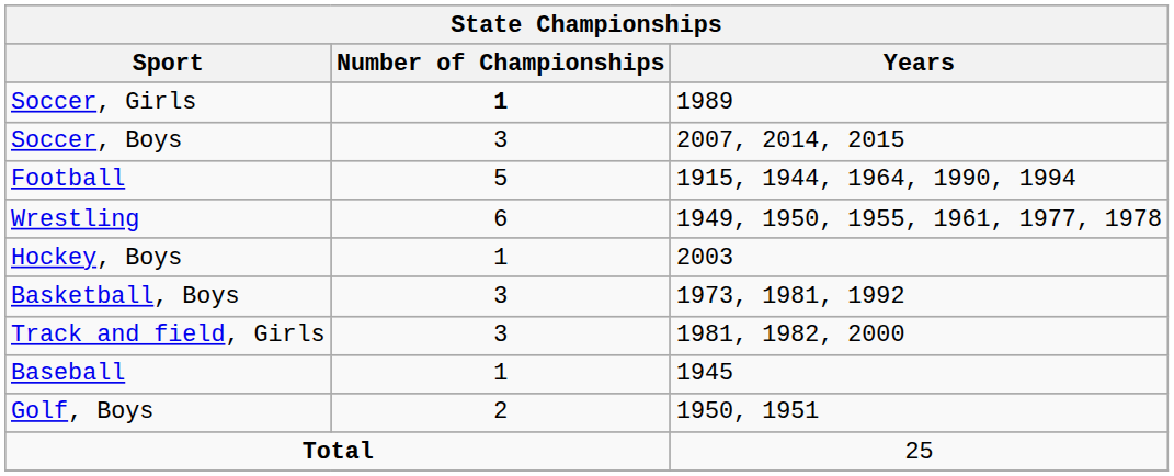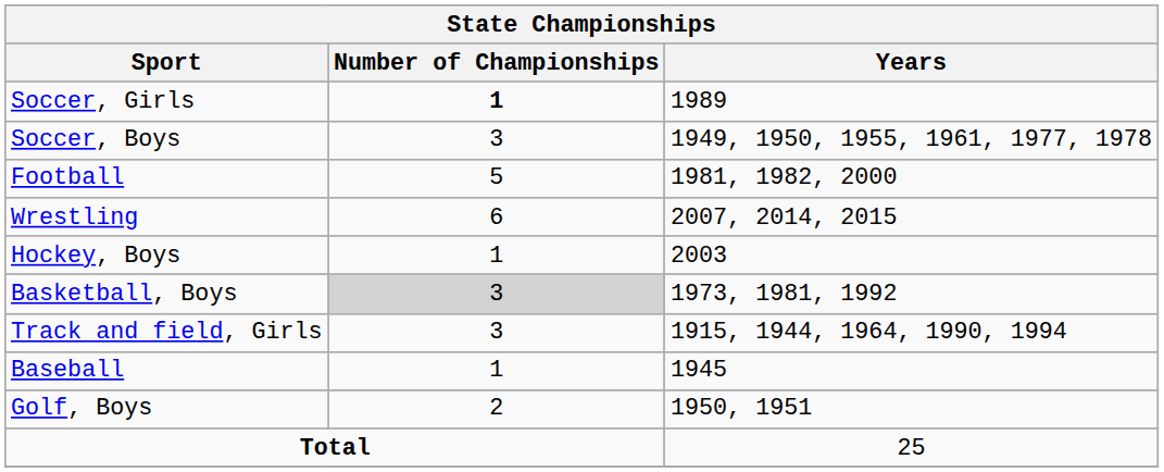 <table class="wikitable">
 <tr>
 <th colspan="4">State Championships</th>
 </tr>
 <tr>
 <th>Sport</th>
 <th>Number of Championships</th>
 <th>Years</th>
 </tr>
 <tr ,>
 <td><a href='#'>Soccer</a>, Girls</td>
 <td align="center"><strong>1</strong></td>
 <td>1989</td>
 </tr>
 <tr ,>
 <td><a href='#'>Soccer</a>, Boys</td>
 <td align="center">3</td>
-<td>2007, 2014, 2015</td>
+<td>1949, 1950, 1955, 1961, 1977, 1978</td>
 </tr>
 <tr>
 <td><a href='#'>Football</a></td>
 <td align="center">5</td>
-<td>1915, 1944, 1964, 1990, 1994</td>
+<td>1981, 1982, 2000</td>
 </tr>
 <tr>
 <td><a href='#'>Wrestling</a></td>
 <td align="center">6</td>
-<td>1949, 1950, 1955, 1961, 1977, 1978</td>
+<td>2007, 2014, 2015</td>
 </tr>
 <tr>
 <td><a href='#'>Hockey</a>, Boys</td>
 <td align="center">1</td>
 <td>2003</td>
 </tr>
 <tr>
 <td><a href='#'>Basketball</a>, Boys</td>
-<td align="center">3</td>
+<td align="center" style="background: lightgrey;">3</td>
 <td>1973, 1981, 1992</td>
 </tr>
 <tr>
 <td><a href='#'>Track and field</a>, Girls</td>
 <td align="center">3</td>
-<td>1981, 1982, 2000</td>
+<td>1915, 1944, 1964, 1990, 1994</td>
 </tr>
 <tr>
 <td><a href='#'>Baseball</a></td>
 <td align="center">1</td>
 <td>1945</td>
 </tr>
 <tr>
 <td><a href='#'>Golf</a>, Boys</td>
 <td align="center">2</td>
 <td>1950, 1951</td>
 </tr>
 <tr>
 <td align="center" colspan="2"><strong>Total</strong></td>
 <td align="center">25</td>
 </tr>
 <tr>
 </tr>
 </table>
